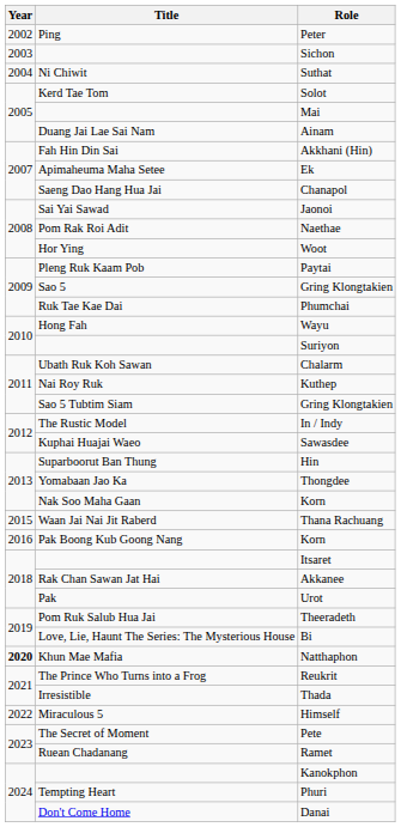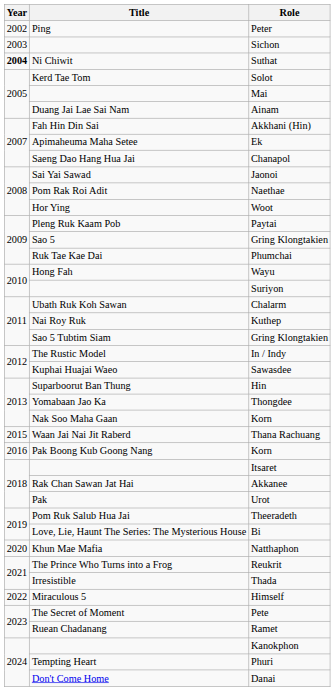 <table class="wikitable">
 <tr>
 <th>Year</th>
 <th>Title</th>
 <th>Role</th>
 </tr>
 <tr>
 <td>2002</td>
 <td>Ping</td>
 <td>Peter</td>
 </tr>
 <tr>
 <td>2003</td>
 <td></td>
 <td>Sichon</td>
 </tr>
 <tr>
-<td>2004</td>
+<td><strong>2004</strong></td>
 <td>Ni Chiwit</td>
 <td>Suthat</td>
 </tr>
 <tr>
 <td rowspan = "3">2005</td>
 <td>Kerd Tae Tom</td>
 <td>Solot</td>
 </tr>
 <tr>
 <td></td>
 <td>Mai</td>
 </tr>
 <tr>
 <td>Duang Jai Lae Sai Nam</td>
 <td>Ainam</td>
 </tr>
 <tr>
 <td rowspan = "3">2007</td>
 <td>Fah Hin Din Sai</td>
 <td>Akkhani (Hin)</td>
 </tr>
 <tr>
 <td>Apimaheuma Maha Setee</td>
 <td>Ek</td>
 </tr>
 <tr>
 <td>Saeng Dao Hang Hua Jai</td>
 <td>Chanapol</td>
 </tr>
 <tr>
 <td rowspan = "3">2008</td>
 <td>Sai Yai Sawad</td>
 <td>Jaonoi</td>
 </tr>
 <tr>
 <td>Pom Rak Roi Adit</td>
 <td>Naethae</td>
 </tr>
 <tr>
 <td>Hor Ying</td>
 <td>Woot</td>
 </tr>
 <tr>
 <td rowspan = "3">2009</td>
 <td>Pleng Ruk Kaam Pob</td>
 <td>Paytai</td>
 </tr>
 <tr>
 <td>Sao 5</td>
 <td>Gring Klongtakien</td>
 </tr>
 <tr>
 <td>Ruk Tae Kae Dai</td>
 <td>Phumchai</td>
 </tr>
 <tr>
 <td rowspan = "2">2010</td>
 <td>Hong Fah</td>
 <td>Wayu</td>
 </tr>
 <tr>
 <td></td>
 <td>Suriyon</td>
 </tr>
 <tr>
 <td rowspan = "3">2011</td>
 <td>Ubath Ruk Koh Sawan</td>
 <td>Chalarm</td>
 </tr>
 <tr>
 <td>Nai Roy Ruk</td>
 <td>Kuthep</td>
 </tr>
 <tr>
 <td>Sao 5 Tubtim Siam</td>
 <td>Gring Klongtakien</td>
 </tr>
 <tr>
 <td rowspan = "2">2012</td>
 <td>The Rustic Model</td>
 <td>In / Indy</td>
 </tr>
 <tr>
 <td>Kuphai Huajai Waeo</td>
 <td>Sawasdee</td>
 </tr>
 <tr>
 <td rowspan = "3">2013</td>
 <td>Suparboorut Ban Thung</td>
 <td>Hin</td>
 </tr>
 <tr>
 <td>Yomabaan Jao Ka</td>
 <td>Thongdee</td>
 </tr>
 <tr>
 <td>Nak Soo Maha Gaan</td>
 <td>Korn</td>
 </tr>
 <tr>
 <td>2015</td>
 <td>Waan Jai Nai Jit Raberd</td>
 <td>Thana Rachuang</td>
 </tr>
 <tr>
 <td>2016</td>
 <td>Pak Boong Kub Goong Nang</td>
 <td>Korn</td>
 </tr>
 <tr>
 <td rowspan = "3">2018</td>
 <td></td>
 <td>Itsaret</td>
 </tr>
 <tr>
 <td>Rak Chan Sawan Jat Hai</td>
 <td>Akkanee</td>
 </tr>
 <tr>
 <td>Pak</td>
 <td>Urot</td>
 </tr>
 <tr>
 <td rowspan = "2">2019</td>
 <td>Pom Ruk Salub Hua Jai</td>
 <td>Theeradeth</td>
 </tr>
 <tr>
 <td>Love, Lie, Haunt The Series: The Mysterious House</td>
 <td>Bi</td>
 </tr>
 <tr>
-<td><strong>2020</strong></td>
+<td>2020</td>
 <td>Khun Mae Mafia</td>
 <td>Natthaphon</td>
 </tr>
 <tr>
 <td rowspan = "2">2021</td>
 <td>The Prince Who Turns into a Frog</td>
 <td>Reukrit</td>
 </tr>
 <tr>
 <td>Irresistible</td>
 <td>Thada</td>
 </tr>
 <tr>
 <td>2022</td>
 <td>Miraculous 5</td>
 <td>Himself</td>
 </tr>
 <tr>
 <td rowspan = "2">2023</td>
 <td>The Secret of Moment</td>
 <td>Pete</td>
 </tr>
 <tr>
 <td>Ruean Chadanang</td>
 <td>Ramet</td>
 </tr>
 <tr>
 <td rowspan = "3">2024</td>
 <td></td>
 <td>Kanokphon</td>
 </tr>
 <tr>
 <td>Tempting Heart</td>
 <td>Phuri</td>
 </tr>
 <tr>
 <td><a href='#'>Don't Come Home</a></td>
 <td>Danai</td>
 </tr>
 </table>
